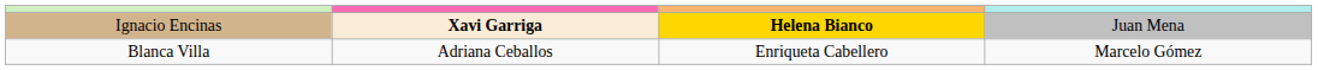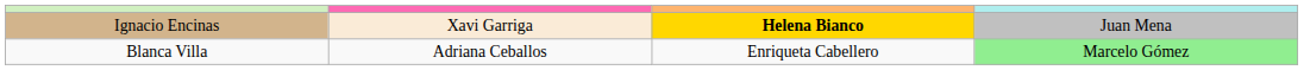 <table class="wikitable" style="text-align:center; font-size:100%; width:100%">
 <tr>
 <td style="width:13%" bgcolor="#d0f0c0"><strong></strong></td>
 <td style="width:13%" bgcolor="#ff69b4"><strong></strong></td>
 <td style="width:13%" bgcolor="#ffb46e"><strong></strong></td>
 <td style="width:13%" bgcolor="#afeeee"><strong></strong></td>
 </tr>
 <tr>
 <td bgcolor="tan">Ignacio Encinas</td>
-<td bgcolor="antiquewhite"><strong>Xavi Garriga</strong></td>
+<td bgcolor="antiquewhite">Xavi Garriga</td>
 <td bgcolor="gold"><strong>Helena Bianco</strong></td>
 <td bgcolor="silver">Juan Mena</td>
 </tr>
 <tr>
 <td>Blanca Villa</td>
 <td>Adriana Ceballos</td>
 <td>Enriqueta Cabellero</td>
-<td>Marcelo Gómez</td>
+<td style="background: lightgreen;">Marcelo Gómez</td>
 </tr>
 </table>
